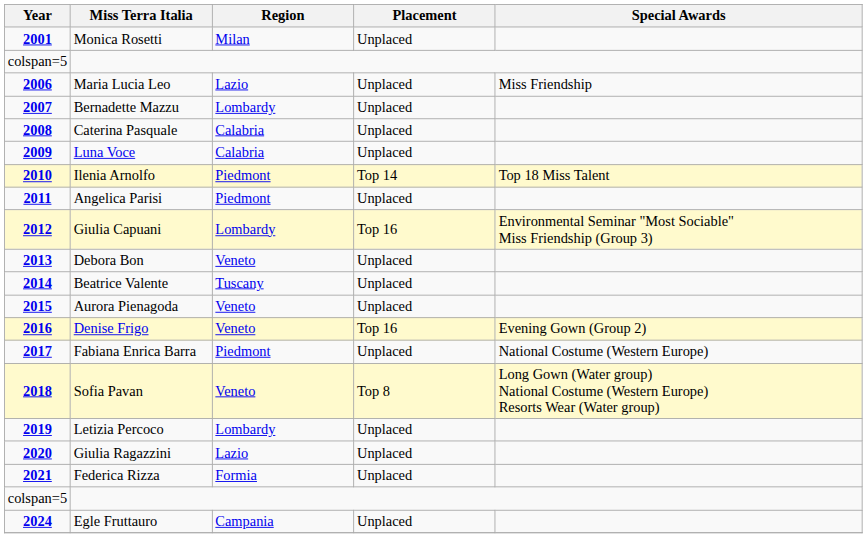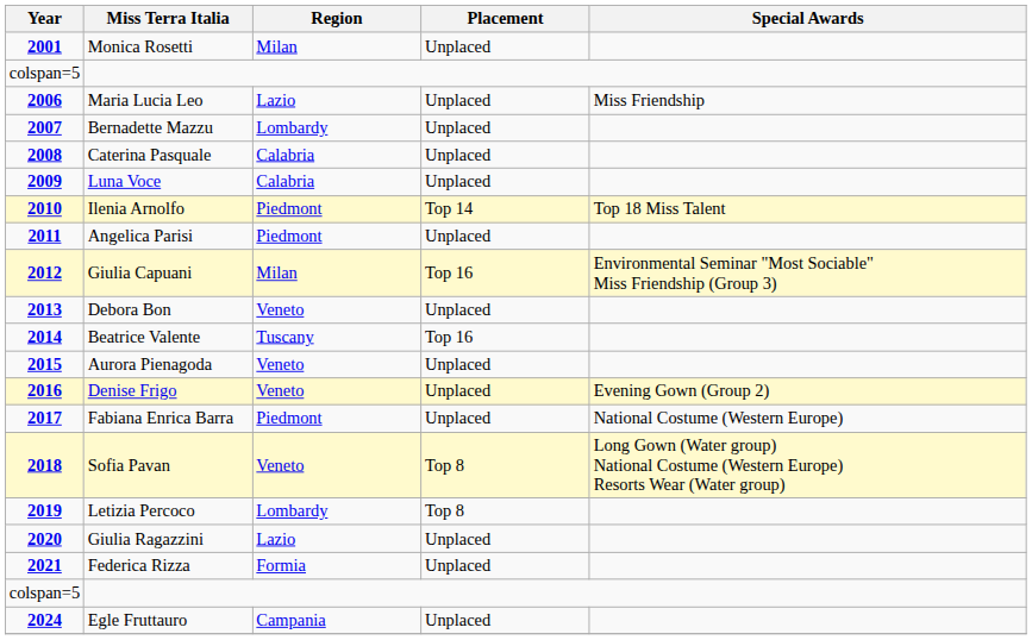 <table class="wikitable sortable">
 <tr>
 <th width="60">Year</th>
 <th width="150">Miss Terra Italia</th>
 <th width="150">Region</th>
 <th width="150">Placement</th>
 <th width="400">Special Awards</th>
 </tr>
 <tr>
 <td style="font-weight:bold; text-align:center;"><a href='#'>2001</a></td>
 <td>Monica Rosetti</td>
 <td><a href='#'>Milan</a></td>
 <td>Unplaced</td>
 <td></td>
 </tr>
 <tr>
 <td>colspan=5 </td>
 </tr>
 <tr>
 <td style="font-weight:bold; text-align:center;"><a href='#'>2006</a></td>
 <td>Maria Lucia Leo</td>
 <td><a href='#'>Lazio</a></td>
 <td>Unplaced</td>
 <td>Miss Friendship</td>
 </tr>
 <tr>
 <td style="font-weight:bold; text-align:center;"><a href='#'>2007</a></td>
 <td>Bernadette Mazzu</td>
 <td><a href='#'>Lombardy</a></td>
 <td>Unplaced</td>
 <td></td>
 </tr>
 <tr>
 <td style="font-weight:bold; text-align:center;"><a href='#'>2008</a></td>
 <td>Caterina Pasquale</td>
 <td><a href='#'>Calabria</a></td>
 <td>Unplaced</td>
 <td></td>
 </tr>
 <tr>
 <td style="font-weight:bold; text-align:center;"><a href='#'>2009</a></td>
 <td><a href='#'>Luna Voce</a></td>
 <td><a href='#'>Calabria</a></td>
 <td>Unplaced</td>
 <td></td>
 </tr>
 <tr style="background-color:#FFFACD">
 <td style="font-weight:bold; text-align:center;"><a href='#'>2010</a></td>
 <td>Ilenia Arnolfo</td>
 <td><a href='#'>Piedmont</a></td>
 <td>Top 14</td>
 <td>Top 18 Miss Talent</td>
 </tr>
 <tr>
 <td style="font-weight:bold; text-align:center;"><a href='#'>2011</a></td>
 <td>Angelica Parisi</td>
 <td><a href='#'>Piedmont</a></td>
 <td>Unplaced</td>
 <td></td>
 </tr>
 <tr style="background-color:#FFFACD;">
 <td style="font-weight:bold; text-align:center;"><a href='#'>2012</a></td>
 <td>Giulia Capuani</td>
-<td><a href='#'>Lombardy</a></td>
+<td><a href='#'>Milan</a></td>
 <td>Top 16</td>
 <td> Environmental Seminar "Most Sociable"<br> Miss Friendship (Group 3)</td>
 </tr>
 <tr>
 <td style="font-weight:bold; text-align:center;"><a href='#'>2013</a></td>
 <td>Debora Bon</td>
 <td><a href='#'>Veneto</a></td>
 <td>Unplaced</td>
 <td></td>
 </tr>
 <tr>
 <td style="font-weight:bold; text-align:center;"><a href='#'>2014</a></td>
 <td>Beatrice Valente</td>
 <td><a href='#'>Tuscany</a></td>
-<td>Unplaced</td>
+<td>Top 16</td>
 <td></td>
 </tr>
 <tr>
 <td style="font-weight:bold; text-align:center;"><a href='#'>2015</a></td>
 <td>Aurora Pienagoda</td>
 <td><a href='#'>Veneto</a></td>
 <td>Unplaced</td>
 <td></td>
 </tr>
 <tr style="background-color:#FFFACD;">
 <td style="font-weight:bold; text-align:center;"><a href='#'>2016</a></td>
 <td><a href='#'>Denise Frigo</a></td>
 <td><a href='#'>Veneto</a></td>
-<td>Top 16</td>
+<td>Unplaced</td>
 <td> Evening Gown (Group 2)</td>
 </tr>
 <tr>
 <td style="font-weight:bold; text-align:center;"><a href='#'>2017</a></td>
 <td>Fabiana Enrica Barra</td>
 <td><a href='#'>Piedmont</a></td>
 <td>Unplaced</td>
 <td> National  Costume (Western Europe)</td>
 </tr>
 <tr style="background-color:#FFFACD">
 <td style="font-weight:bold; text-align:center;"><a href='#'>2018</a></td>
 <td>Sofia Pavan</td>
 <td><a href='#'>Veneto</a></td>
 <td>Top 8</td>
 <td> Long Gown (Water group)<br> National  Costume (Western Europe)<br> Resorts Wear (Water group)</td>
 </tr>
 <tr>
 <td style="font-weight:bold; text-align:center;"><a href='#'>2019</a></td>
 <td>Letizia Percoco</td>
 <td><a href='#'>Lombardy</a></td>
-<td>Unplaced</td>
+<td>Top 8</td>
 <td></td>
 </tr>
 <tr>
 <td style="font-weight:bold; text-align:center;"><a href='#'>2020</a></td>
 <td>Giulia Ragazzini</td>
 <td><a href='#'>Lazio</a></td>
 <td>Unplaced</td>
 <td></td>
 </tr>
 <tr>
 <td style="font-weight:bold; text-align:center;"><a href='#'>2021</a></td>
 <td>Federica Rizza</td>
 <td><a href='#'>Formia</a></td>
 <td>Unplaced</td>
 <td></td>
 </tr>
 <tr>
 <td>colspan=5 </td>
 </tr>
 <tr>
 <td style="font-weight:bold; text-align:center;"><a href='#'>2024</a></td>
 <td>Egle Fruttauro</td>
 <td><a href='#'>Campania</a></td>
 <td>Unplaced</td>
 <td></td>
 </tr>
 <tr>
 </tr>
 </table>
